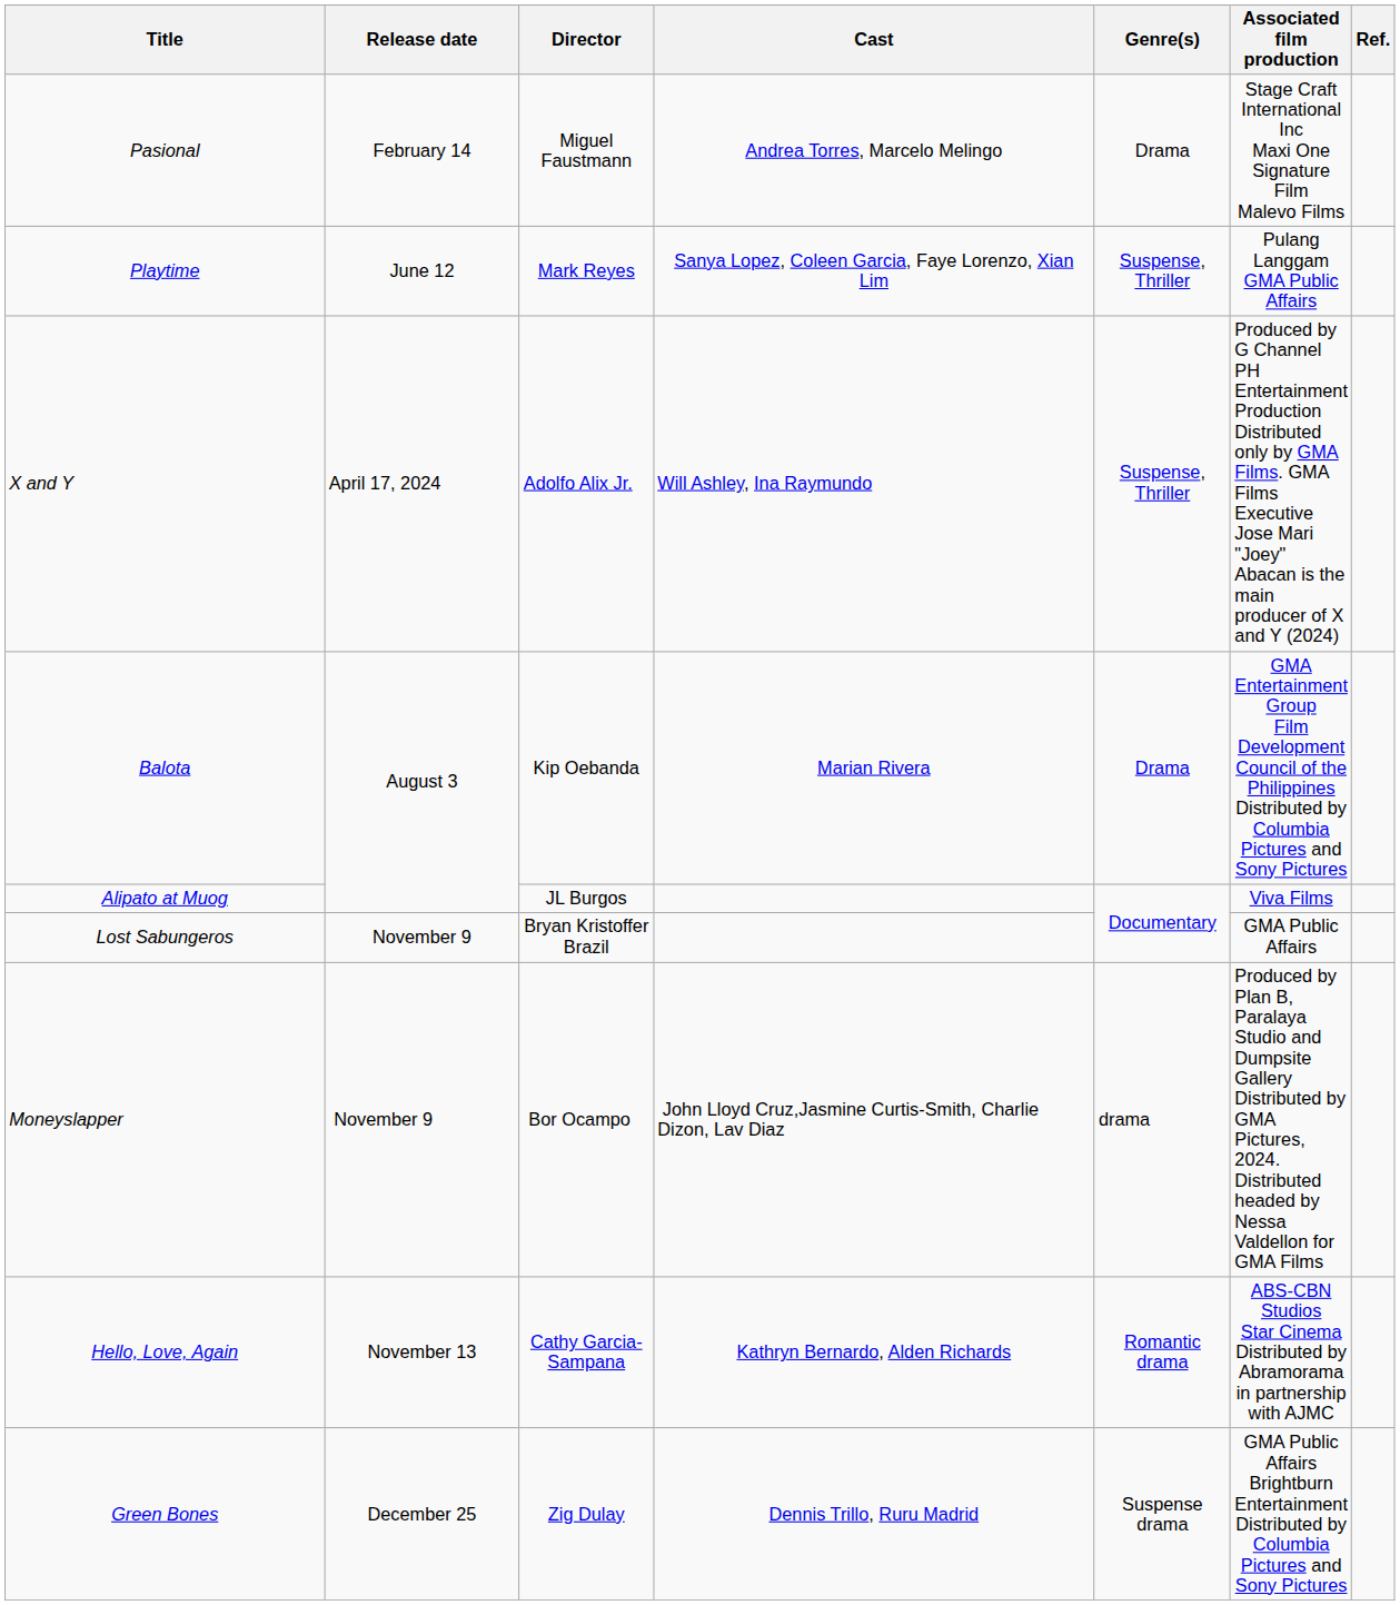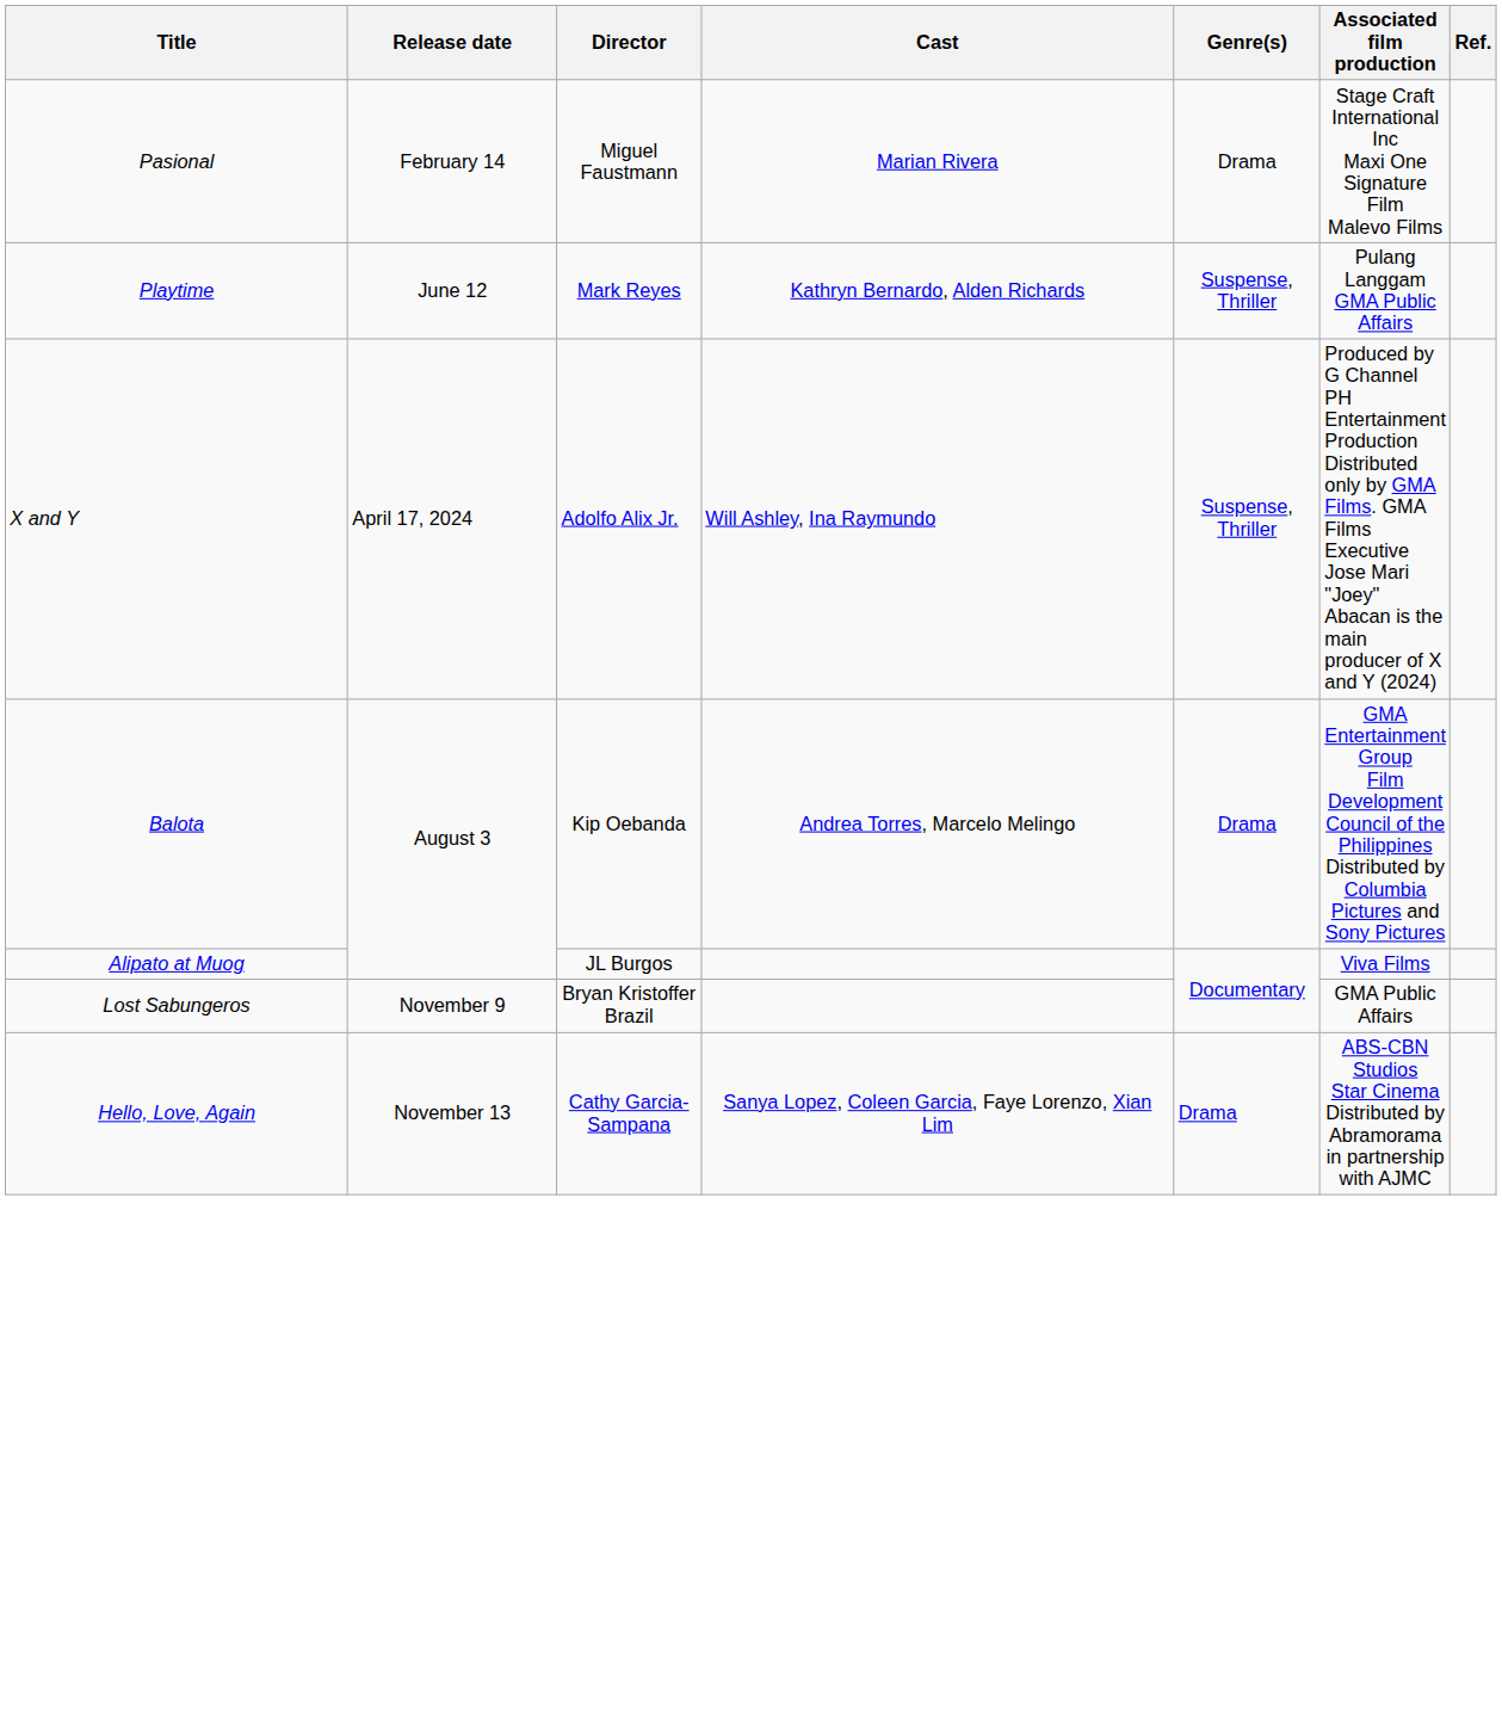 <table class="wikitable" style="width:97%">
 <tr>
 <th style="width:25%;">Title</th>
 <th style="width:15%;">Release date</th>
 <th style="width:10%;">Director</th>
 <th style="width:35%;">Cast </th>
 <th style="width:10%;">Genre(s)</th>
 <th style="width:20%;">Associated film production</th>
 <th style="width:2%;">Ref.</th>
 </tr>
 <tr>
 <td style="text-align: center;"><em>Pasional</em></td>
 <td style="text-align: center;">February 14</td>
 <td style="text-align: center;">Miguel Faustmann</td>
-<td style="text-align: center;"><a href='#'>Andrea Torres</a>, Marcelo Melingo</td>
+<td style="text-align: center;"><a href='#'>Marian Rivera</a></td>
 <td style="text-align: center;">Drama</td>
 <td style="text-align: center;">Stage Craft International Inc<br>Maxi One Signature Film<br>Malevo Films</td>
 <td></td>
 </tr>
 <tr>
 <td style="text-align: center;"><em><a href='#'>Playtime</a></em></td>
 <td style="text-align: center;">June 12</td>
 <td style="text-align: center;"><a href='#'>Mark Reyes</a></td>
-<td style="text-align: center;"><a href='#'>Sanya Lopez</a>, <a href='#'>Coleen Garcia</a>, Faye Lorenzo, <a href='#'>Xian Lim</a></td>
+<td style="text-align: center;"><a href='#'>Kathryn Bernardo</a>, <a href='#'>Alden Richards</a></td>
 <td style="text-align: center;"><a href='#'>Suspense</a>, <a href='#'>Thriller</a></td>
 <td style="text-align: center;">Pulang Langgam<br><a href='#'>GMA Public Affairs</a></td>
 <td style="text-align: center;"></td>
 </tr>
 <tr>
 <td><em>X and Y</em></td>
 <td>April 17, 2024</td>
 <td><a href='#'>Adolfo Alix Jr.</a></td>
 <td><a href='#'>Will Ashley</a>, <a href='#'>Ina Raymundo</a></td>
 <td style="text-align: center;"><a href='#'>Suspense</a>, <a href='#'>Thriller</a></td>
 <td>Produced by G Channel PH Entertainment Production<br>Distributed only by <a href='#'>GMA Films</a>. GMA Films Executive Jose Mari "Joey" Abacan is the main producer of X and Y (2024) </td>
 <td></td>
 </tr>
 <tr>
 <td style="text-align: center;"><em><a href='#'>Balota</a></em></td>
 <td style="text-align: center;" rowspan="2">August 3</td>
 <td style="text-align: center;">Kip Oebanda</td>
-<td style="text-align: center;"><a href='#'>Marian Rivera</a></td>
+<td style="text-align: center;"><a href='#'>Andrea Torres</a>, Marcelo Melingo</td>
 <td style="text-align: center;"><a href='#'>Drama</a></td>
 <td style="text-align: center;"><a href='#'>GMA Entertainment Group</a><br><a href='#'>Film Development Council of the Philippines</a><br>Distributed by <a href='#'>Columbia Pictures</a> and <a href='#'>Sony Pictures</a> </td>
 <td style="text-align: center;"></td>
 </tr>
 <tr>
 <td style="text-align: center;"><em><a href='#'>Alipato at Muog</a></em></td>
 <td style="text-align: center;">JL Burgos</td>
 <td style="text-align: center;"></td>
 <td style="text-align: center;" rowspan="2"><a href='#'>Documentary</a></td>
 <td style="text-align: center;"><a href='#'>Viva Films</a></td>
 <td style="text-align: center;"></td>
 </tr>
 <tr>
 <td style="text-align: center;"><em>Lost Sabungeros</em></td>
 <td style="text-align: center;">November 9</td>
 <td style="text-align: center;">Bryan Kristoffer Brazil</td>
 <td style="text-align: center;"></td>
 <td style="text-align: center;">GMA Public Affairs</td>
 <td></td>
 </tr>
 <tr>
-<td><em>Moneyslapper</em></td>
-<td> November 9</td>
-<td> Bor Ocampo</td>
-<td> John Lloyd Cruz,Jasmine Curtis-Smith, Charlie Dizon, Lav Diaz</td>
-<td>drama</td>
-<td>Produced by Plan B, Paralaya Studio and Dumpsite Gallery<br>Distributed by GMA Pictures, 2024. Distributed headed by Nessa Valdellon for GMA Films </td>
-<td></td>
-</tr>
-<tr>
 <td style="text-align: center;"><em><a href='#'>Hello, Love, Again</a></em></td>
 <td style="text-align: center;">November 13</td>
 <td style="text-align: center;"><a href='#'>Cathy Garcia-Sampana</a></td>
-<td style="text-align: center;"><a href='#'>Kathryn Bernardo</a>, <a href='#'>Alden Richards</a></td>
-<td style="text-align: center;"><a href='#'>Romantic drama</a></td>
+<td style="text-align: center;"><a href='#'>Sanya Lopez</a>, <a href='#'>Coleen Garcia</a>, Faye Lorenzo, <a href='#'>Xian Lim</a></td>
+<td><a href='#'>Drama</a></td>
 <td style="text-align: center;"><a href='#'>ABS-CBN Studios</a><br><a href='#'>Star Cinema</a><br>Distributed by Abramorama in partnership with AJMC </td>
 <td style="text-align: center;"></td>
 </tr>
-<tr>
-<td style="text-align: center;"><em><a href='#'>Green Bones</a></em></td>
-<td style="text-align: center;">December 25</td>
-<td style="text-align: center;"><a href='#'>Zig Dulay</a></td>
-<td style="text-align: center;"><a href='#'>Dennis Trillo</a>, <a href='#'>Ruru Madrid</a></td>
-<td style="text-align: center;">Suspense drama</td>
-<td style="text-align: center;">GMA Public Affairs<br>Brightburn Entertainment<br>Distributed by <a href='#'>Columbia Pictures</a> and <a href='#'>Sony Pictures</a> </td>
-<td style="text-align: center;"></td>
-</tr>
 </table>
